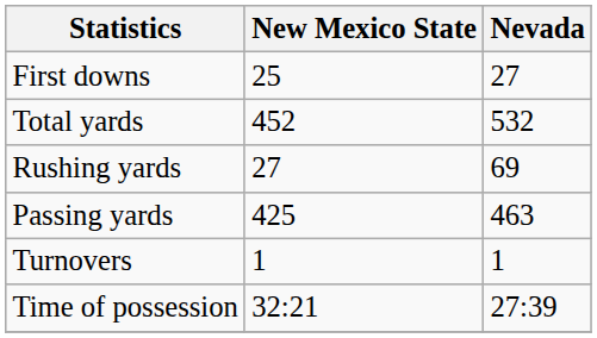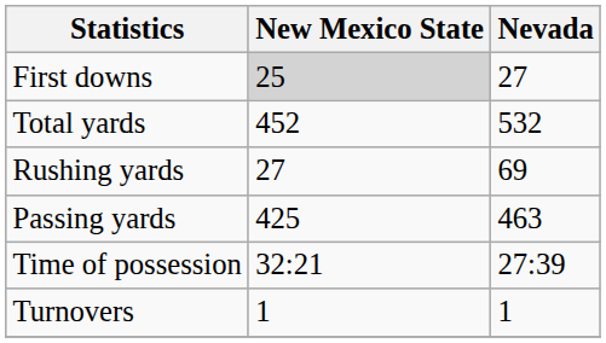 <table class="wikitable">
 <tr>
 <th>Statistics</th>
 <th>New Mexico State</th>
 <th>Nevada</th>
 </tr>
 <tr>
 <td>First downs</td>
-<td>25</td>
+<td style="background: lightgrey;">25</td>
 <td>27</td>
 </tr>
 <tr>
 <td>Total yards</td>
 <td>452</td>
 <td>532</td>
 </tr>
 <tr>
 <td>Rushing yards</td>
 <td>27</td>
 <td>69</td>
 </tr>
 <tr>
 <td>Passing yards</td>
 <td>425</td>
 <td>463</td>
 </tr>
 <tr>
+<td>Time of possession</td>
+<td>32:21</td>
+<td>27:39</td>
+</tr>
+<tr>
 <td>Turnovers</td>
 <td>1</td>
 <td>1</td>
 </tr>
 <tr>
-<td>Time of possession</td>
-<td>32:21</td>
-<td>27:39</td>
-</tr>
-<tr>
 </tr>
 </table>
